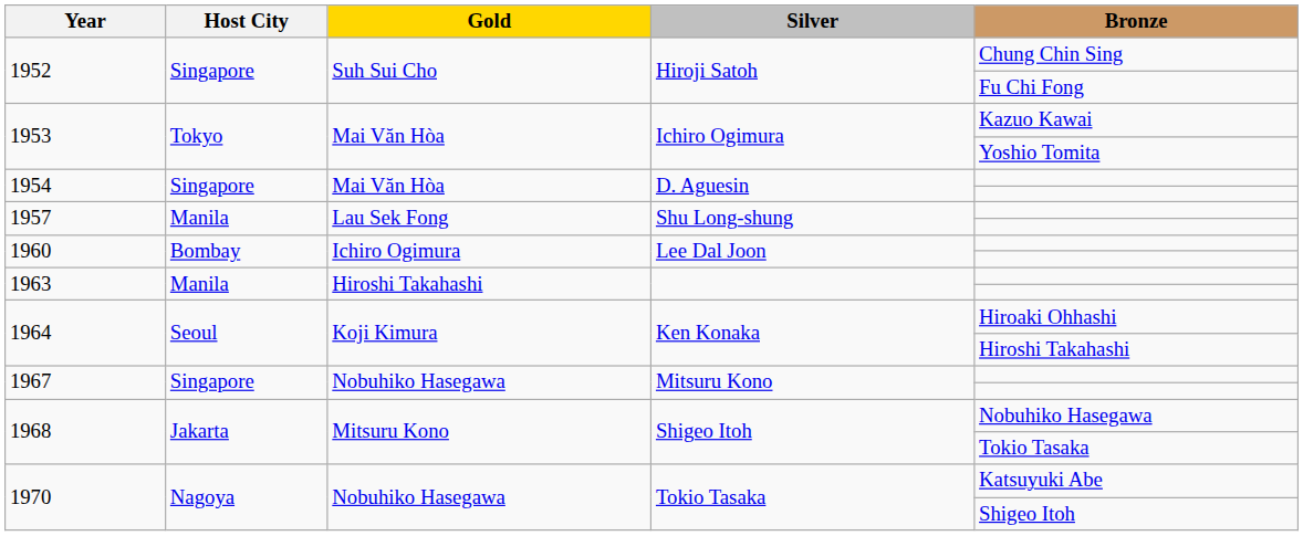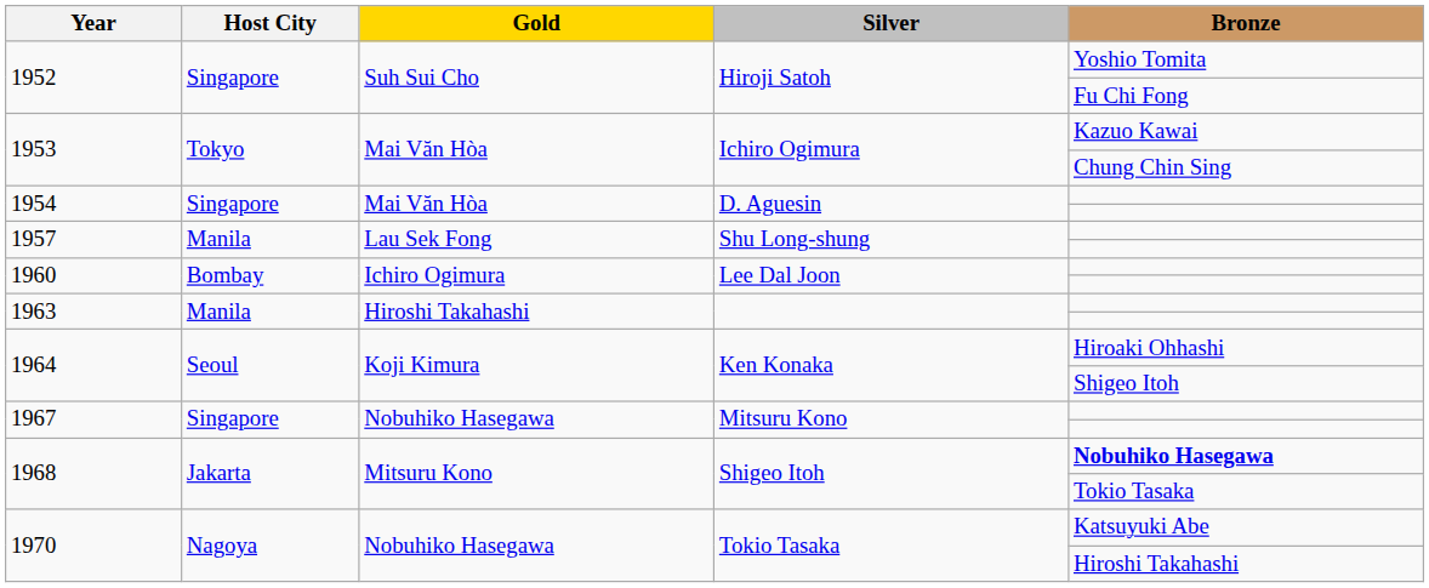 <table class="wikitable" style="text-align:left; width:1000px;">
 <tr>
 <th width="120">Year</th>
 <th width="120">Host City</th>
 <th width="250" style="background-color: gold">Gold</th>
 <th width="250" style="background-color: silver">Silver</th>
 <th width="250" style="background-color: #cc9966">Bronze</th>
 </tr>
 <tr>
 <td rowspan=2>1952</td>
 <td rowspan=2><a href='#'>Singapore</a></td>
 <td rowspan=2> <a href='#'>Suh Sui Cho</a></td>
 <td rowspan=2> <a href='#'>Hiroji Satoh</a></td>
-<td> <a href='#'>Chung Chin Sing</a></td>
+<td> <a href='#'>Yoshio Tomita</a></td>
 </tr>
 <tr>
 <td> <a href='#'>Fu Chi Fong</a></td>
 </tr>
 <tr>
 <td rowspan=2>1953</td>
 <td rowspan=2><a href='#'>Tokyo</a></td>
 <td rowspan=2> <a href='#'>Mai Văn Hòa</a></td>
 <td rowspan=2> <a href='#'>Ichiro Ogimura</a></td>
 <td> <a href='#'>Kazuo Kawai</a></td>
 </tr>
 <tr>
-<td> <a href='#'>Yoshio Tomita</a></td>
+<td> <a href='#'>Chung Chin Sing</a></td>
 </tr>
 <tr>
 <td rowspan=2>1954</td>
 <td rowspan=2><a href='#'>Singapore</a></td>
 <td rowspan=2> <a href='#'>Mai Văn Hòa</a></td>
 <td rowspan=2> <a href='#'>D. Aguesin</a></td>
 <td></td>
 </tr>
 <tr>
 <td></td>
 </tr>
 <tr>
 <td rowspan=2>1957</td>
 <td rowspan=2><a href='#'>Manila</a></td>
 <td rowspan=2> <a href='#'>Lau Sek Fong</a></td>
 <td rowspan=2> <a href='#'>Shu Long-shung</a></td>
 <td></td>
 </tr>
 <tr>
 <td></td>
 </tr>
 <tr>
 <td rowspan=2>1960</td>
 <td rowspan=2><a href='#'>Bombay</a></td>
 <td rowspan=2> <a href='#'>Ichiro Ogimura</a></td>
 <td rowspan=2> <a href='#'>Lee Dal Joon</a></td>
 <td></td>
 </tr>
 <tr>
 <td></td>
 </tr>
 <tr>
 <td rowspan=2>1963</td>
 <td rowspan=2><a href='#'>Manila</a></td>
 <td rowspan=2> <a href='#'>Hiroshi Takahashi</a></td>
 <td rowspan=2></td>
 <td></td>
 </tr>
 <tr>
 <td></td>
 </tr>
 <tr>
 <td rowspan=2>1964</td>
 <td rowspan=2><a href='#'>Seoul</a></td>
 <td rowspan=2> <a href='#'>Koji Kimura</a></td>
 <td rowspan=2> <a href='#'>Ken Konaka</a></td>
 <td> <a href='#'>Hiroaki Ohhashi</a></td>
 </tr>
 <tr>
-<td> <a href='#'>Hiroshi Takahashi</a></td>
+<td> <a href='#'>Shigeo Itoh</a></td>
 </tr>
 <tr>
 <td rowspan=2>1967</td>
 <td rowspan=2><a href='#'>Singapore</a></td>
 <td rowspan=2> <a href='#'>Nobuhiko Hasegawa</a></td>
 <td rowspan=2> <a href='#'>Mitsuru Kono</a></td>
 <td></td>
 </tr>
 <tr>
 <td></td>
 </tr>
 <tr>
 <td rowspan=2>1968</td>
 <td rowspan=2><a href='#'>Jakarta</a></td>
 <td rowspan=2> <a href='#'>Mitsuru Kono</a></td>
 <td rowspan=2> <a href='#'>Shigeo Itoh</a></td>
-<td> <a href='#'>Nobuhiko Hasegawa</a></td>
+<td><strong> <a href='#'>Nobuhiko Hasegawa</a></strong></td>
 </tr>
 <tr>
 <td> <a href='#'>Tokio Tasaka</a></td>
 </tr>
 <tr>
 <td rowspan=2>1970</td>
 <td rowspan=2><a href='#'>Nagoya</a></td>
 <td rowspan=2> <a href='#'>Nobuhiko Hasegawa</a></td>
 <td rowspan=2> <a href='#'>Tokio Tasaka</a></td>
 <td> <a href='#'>Katsuyuki Abe</a></td>
 </tr>
 <tr>
-<td> <a href='#'>Shigeo Itoh</a></td>
+<td> <a href='#'>Hiroshi Takahashi</a></td>
 </tr>
 </table>
